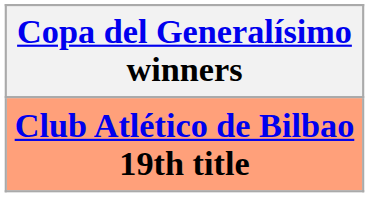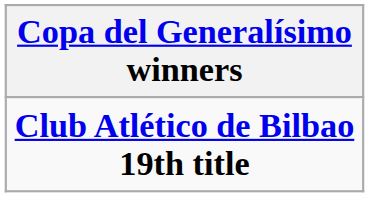 <table class="wikitable" style="text-align: center; margin: 0 auto;">
 <tr>
 <th><a href='#'>Copa del Generalísimo</a><br>winners</th>
 </tr>
 <tr>
-<td style="background: lightsalmon;"><strong><a href='#'>Club Atlético de Bilbao</a></strong><br><strong>19th title</strong></td>
+<td><strong><a href='#'>Club Atlético de Bilbao</a></strong><br><strong>19th title</strong></td>
 </tr>
 </table>
